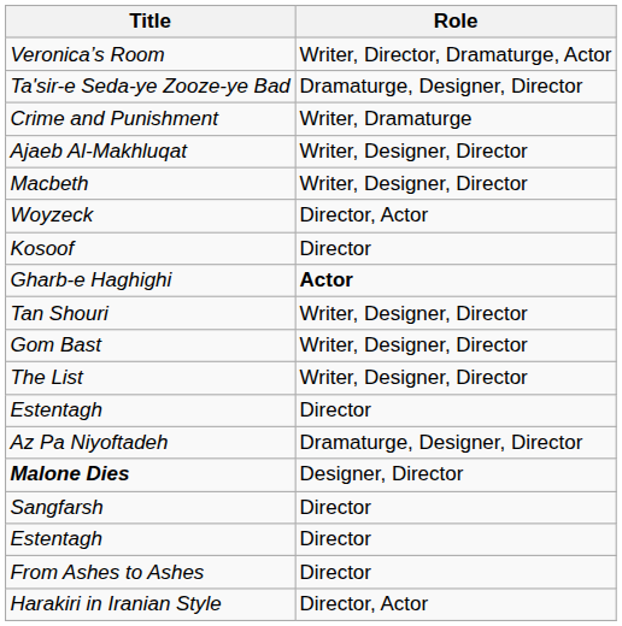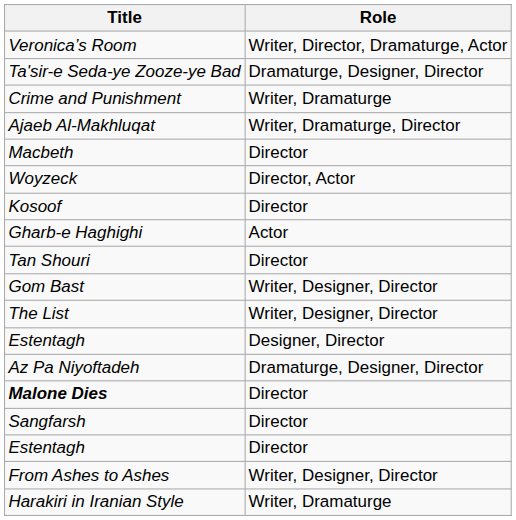 <table class="wikitable sortable">
 <tr>
 <th>Title</th>
 <th>Role</th>
 </tr>
 <tr>
 <td><em>Veronica’s Room</em></td>
 <td>Writer, Director, Dramaturge, Actor</td>
 </tr>
 <tr>
 <td><em>Ta'sir-e Seda-ye Zooze-ye Bad</em></td>
 <td>Dramaturge, Designer, Director</td>
 </tr>
 <tr>
 <td><em>Crime and Punishment</em></td>
 <td>Writer, Dramaturge</td>
 </tr>
 <tr>
 <td><em>Ajaeb Al-Makhluqat</em></td>
-<td>Writer, Designer, Director</td>
+<td>Writer, Dramaturge, Director</td>
 </tr>
 <tr>
 <td><em>Macbeth</em></td>
-<td>Writer, Designer, Director</td>
+<td>Director</td>
 </tr>
 <tr>
 <td><em>Woyzeck</em></td>
 <td>Director, Actor</td>
 </tr>
 <tr>
 <td><em>Kosoof</em></td>
 <td>Director</td>
 </tr>
 <tr>
 <td><em>Gharb-e Haghighi</em></td>
-<td><strong>Actor</strong></td>
+<td>Actor</td>
 </tr>
 <tr>
 <td><em>Tan Shouri</em></td>
-<td>Writer, Designer, Director</td>
+<td>Director</td>
 </tr>
 <tr>
 <td><em>Gom Bast</em></td>
 <td>Writer, Designer, Director</td>
 </tr>
 <tr>
 <td><em>The List</em></td>
 <td>Writer, Designer, Director</td>
 </tr>
 <tr>
 <td><em>Estentagh</em></td>
-<td>Director</td>
+<td>Designer, Director</td>
 </tr>
 <tr>
 <td><em>Az Pa Niyoftadeh</em></td>
 <td>Dramaturge, Designer, Director</td>
 </tr>
 <tr>
 <td><strong><em>Malone Dies</em></strong></td>
-<td>Designer, Director</td>
+<td>Director</td>
 </tr>
 <tr>
 <td><em>Sangfarsh</em></td>
 <td>Director</td>
 </tr>
 <tr>
 <td><em>Estentagh</em></td>
 <td>Director</td>
 </tr>
 <tr>
 <td><em>From Ashes to Ashes</em></td>
-<td>Director</td>
+<td>Writer, Designer, Director</td>
 </tr>
 <tr>
 <td><em>Harakiri in Iranian Style</em></td>
-<td>Director, Actor</td>
+<td>Writer, Dramaturge</td>
 </tr>
 </table>
